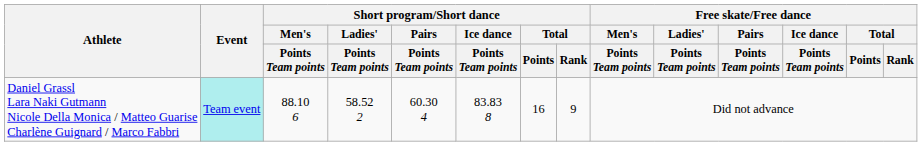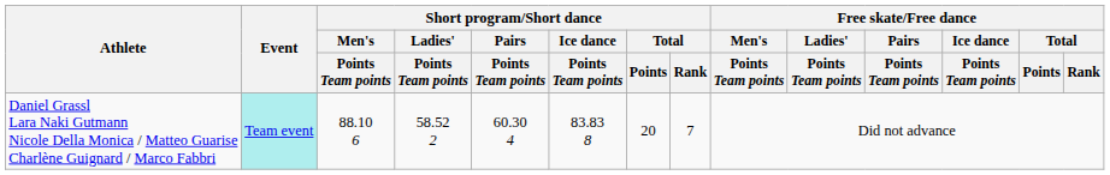 <table class="wikitable" style="font-size:90%">
 <tr>
 <th rowspan="3">Athlete</th>
 <th rowspan="3">Event</th>
 <th colspan="6">Short program/Short dance</th>
 <th colspan="6">Free skate/Free dance</th>
 </tr>
 <tr style="font-size:95%">
 <th>Men's</th>
 <th>Ladies'</th>
 <th>Pairs</th>
 <th>Ice dance</th>
 <th colspan="2">Total</th>
 <th>Men's</th>
 <th>Ladies'</th>
 <th>Pairs</th>
 <th>Ice dance</th>
 <th colspan="2">Total</th>
 </tr>
 <tr style="font-size:95%">
 <th>Points<br><em>Team points</em></th>
 <th>Points<br><em>Team points</em></th>
 <th>Points<br><em>Team points</em></th>
 <th>Points<br><em>Team points</em></th>
 <th>Points</th>
 <th>Rank</th>
 <th>Points<br><em>Team points</em></th>
 <th>Points<br><em>Team points</em></th>
 <th>Points<br><em>Team points</em></th>
 <th>Points<br><em>Team points</em></th>
 <th>Points</th>
 <th>Rank</th>
 </tr>
 <tr align="center">
 <td align="left"><a href='#'>Daniel Grassl</a><br><a href='#'>Lara Naki Gutmann</a><br><a href='#'>Nicole Della Monica</a> / <a href='#'>Matteo Guarise</a><br><a href='#'>Charlène Guignard</a> / <a href='#'>Marco Fabbri</a></td>
 <td align="left" style="background: paleturquoise;"><a href='#'>Team event</a></td>
 <td>88.10<br><em>6</em></td>
 <td>58.52<br><em>2</em></td>
 <td>60.30<br><em>4</em></td>
 <td>83.83<br><em>8</em></td>
-<td>16</td>
-<td>9</td>
+<td>20</td>
+<td>7</td>
 <td colspan=6>Did not advance</td>
 </tr>
 </table>
